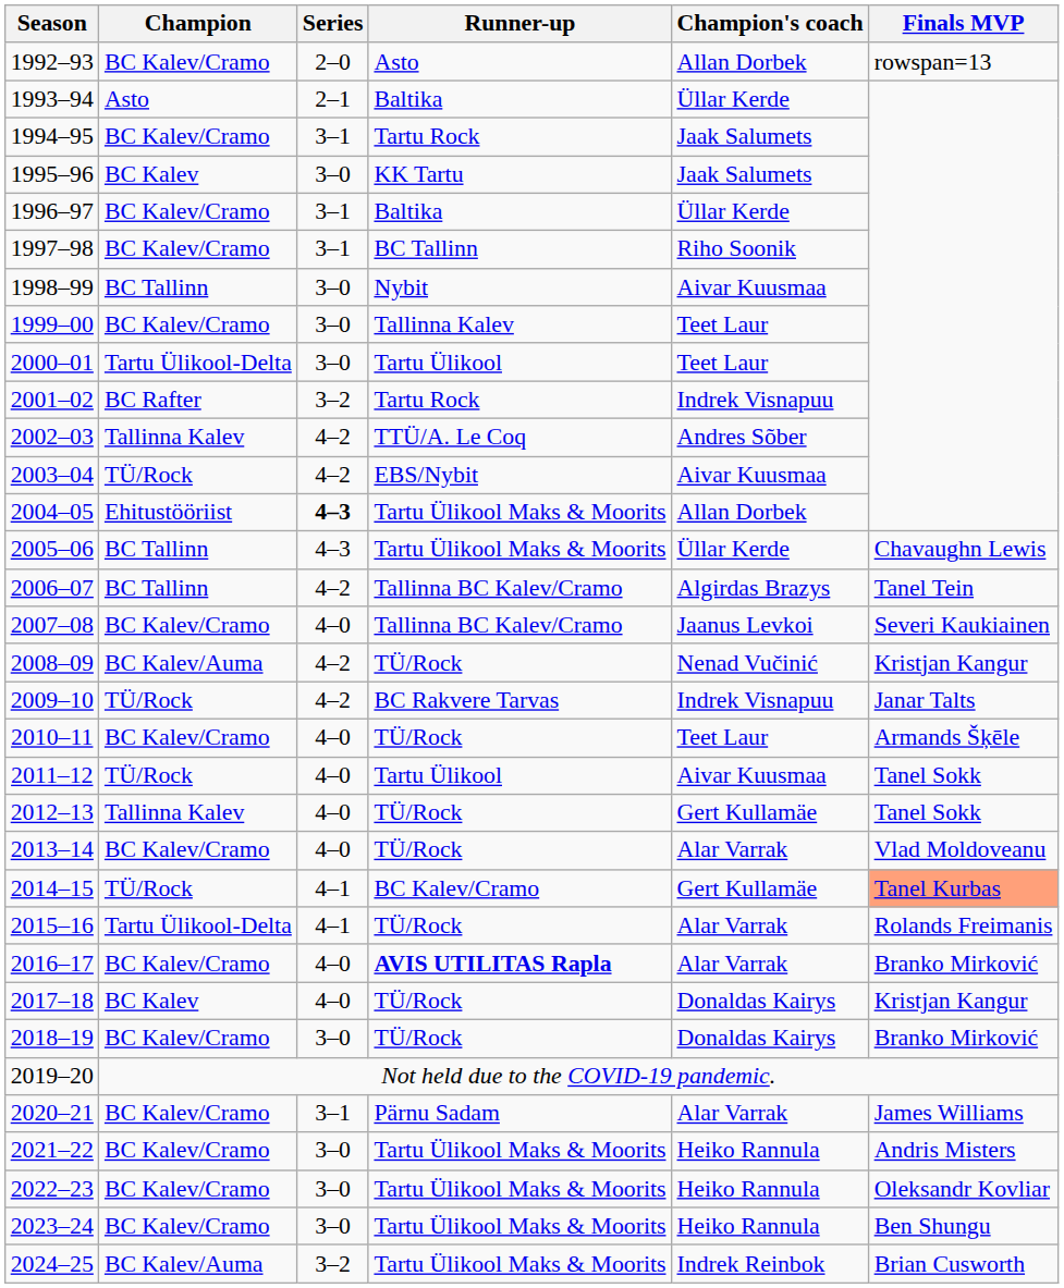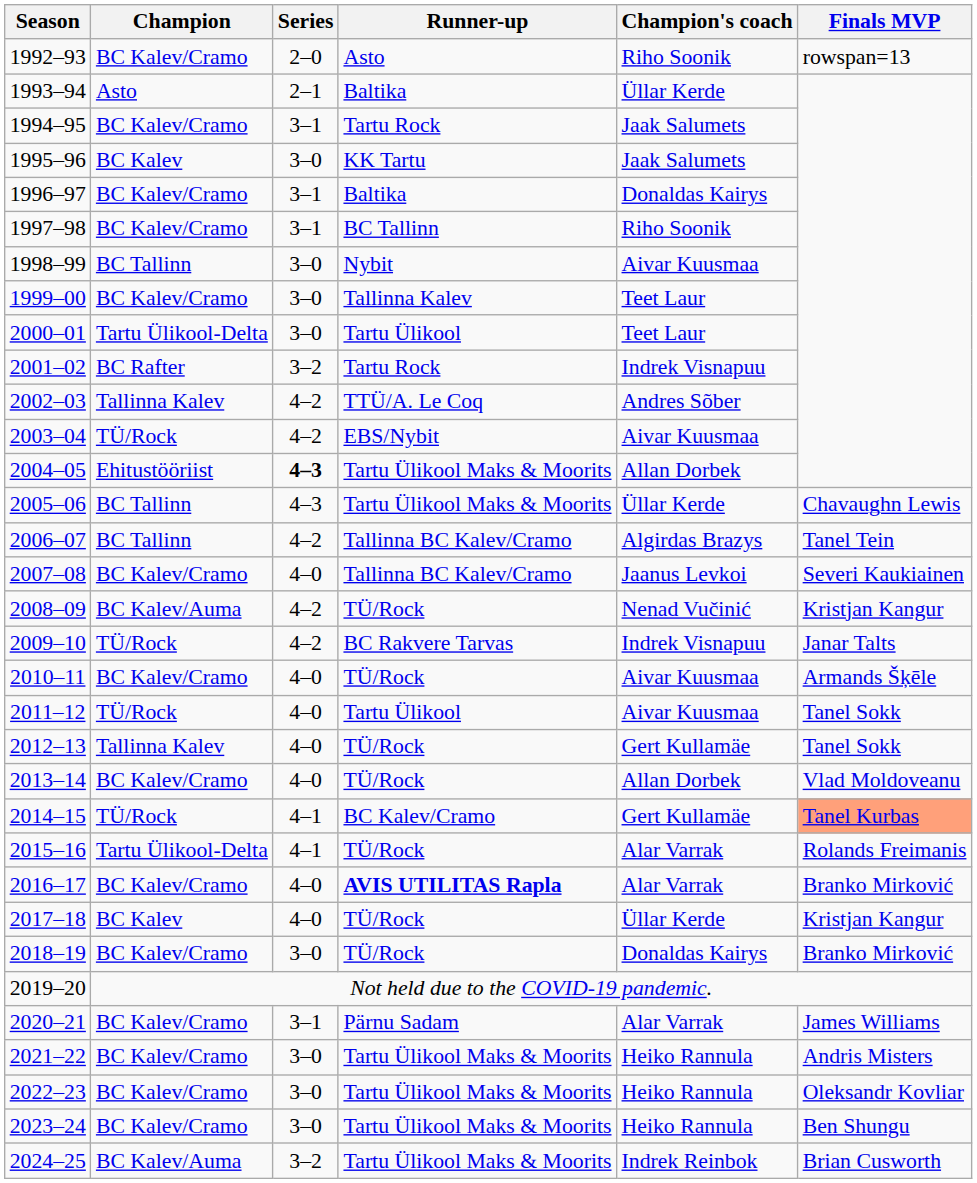 <table class="wikitable">
 <tr>
 <th>Season</th>
 <th>Champion</th>
 <th>Series</th>
 <th>Runner-up</th>
 <th>Champion's coach</th>
 <th><a href='#'>Finals MVP</a></th>
 </tr>
 <tr>
 <td style="text-align:center">1992–93</td>
 <td><a href='#'>BC Kalev/Cramo</a></td>
 <td style="text-align:center">2–0</td>
 <td><a href='#'>Asto</a></td>
-<td> <a href='#'>Allan Dorbek</a></td>
+<td> <a href='#'>Riho Soonik</a></td>
 <td>rowspan=13 </td>
 </tr>
 <tr>
 <td style="text-align:center">1993–94</td>
 <td><a href='#'>Asto</a></td>
 <td style="text-align:center">2–1</td>
 <td><a href='#'>Baltika</a></td>
 <td> <a href='#'>Üllar Kerde</a></td>
 </tr>
 <tr>
 <td style="text-align:center">1994–95</td>
 <td><a href='#'>BC Kalev/Cramo</a></td>
 <td style="text-align:center">3–1</td>
 <td><a href='#'>Tartu Rock</a></td>
 <td> <a href='#'>Jaak Salumets</a></td>
 </tr>
 <tr>
 <td style="text-align:center">1995–96</td>
 <td><a href='#'>BC Kalev</a></td>
 <td style="text-align:center">3–0</td>
 <td><a href='#'>KK Tartu</a></td>
 <td> <a href='#'>Jaak Salumets</a></td>
 </tr>
 <tr>
 <td style="text-align:center">1996–97</td>
 <td><a href='#'>BC Kalev/Cramo</a></td>
 <td style="text-align:center">3–1</td>
 <td><a href='#'>Baltika</a></td>
-<td> <a href='#'>Üllar Kerde</a></td>
+<td> <a href='#'>Donaldas Kairys</a></td>
 </tr>
 <tr>
 <td style="text-align:center">1997–98</td>
 <td><a href='#'>BC Kalev/Cramo</a></td>
 <td style="text-align:center">3–1</td>
 <td><a href='#'>BC Tallinn</a></td>
 <td> <a href='#'>Riho Soonik</a></td>
 </tr>
 <tr>
 <td style="text-align:center">1998–99</td>
 <td><a href='#'>BC Tallinn</a></td>
 <td style="text-align:center">3–0</td>
 <td><a href='#'>Nybit</a></td>
 <td> <a href='#'>Aivar Kuusmaa</a></td>
 </tr>
 <tr>
 <td style="text-align:center"><a href='#'>1999–00</a></td>
 <td><a href='#'>BC Kalev/Cramo</a></td>
 <td style="text-align:center">3–0</td>
 <td><a href='#'>Tallinna Kalev</a></td>
 <td> <a href='#'>Teet Laur</a></td>
 </tr>
 <tr>
 <td style="text-align:center"><a href='#'>2000–01</a></td>
 <td><a href='#'>Tartu Ülikool-Delta</a></td>
 <td style="text-align:center">3–0</td>
 <td><a href='#'>Tartu Ülikool</a></td>
 <td> <a href='#'>Teet Laur</a></td>
 </tr>
 <tr>
 <td style="text-align:center"><a href='#'>2001–02</a></td>
 <td><a href='#'>BC Rafter</a></td>
 <td style="text-align:center">3–2</td>
 <td><a href='#'>Tartu Rock</a></td>
 <td> <a href='#'>Indrek Visnapuu</a></td>
 </tr>
 <tr>
 <td style="text-align:center"><a href='#'>2002–03</a></td>
 <td><a href='#'>Tallinna Kalev</a></td>
 <td style="text-align:center">4–2</td>
 <td><a href='#'>TTÜ/A. Le Coq</a></td>
 <td> <a href='#'>Andres Sõber</a></td>
 </tr>
 <tr>
 <td style="text-align:center"><a href='#'>2003–04</a></td>
 <td><a href='#'>TÜ/Rock</a></td>
 <td style="text-align:center">4–2</td>
 <td><a href='#'>EBS/Nybit</a></td>
 <td> <a href='#'>Aivar Kuusmaa</a></td>
 </tr>
 <tr>
 <td style="text-align:center"><a href='#'>2004–05</a></td>
 <td><a href='#'>Ehitustööriist</a></td>
 <td style="text-align:center"><strong>4–3</strong></td>
 <td><a href='#'>Tartu Ülikool Maks & Moorits</a></td>
 <td> <a href='#'>Allan Dorbek</a></td>
 </tr>
 <tr>
 <td style="text-align:center"><a href='#'>2005–06</a></td>
 <td><a href='#'>BC Tallinn</a></td>
 <td style="text-align:center">4–3</td>
 <td><a href='#'>Tartu Ülikool Maks & Moorits</a></td>
 <td> <a href='#'>Üllar Kerde</a></td>
 <td> <a href='#'>Chavaughn Lewis</a></td>
 </tr>
 <tr>
 <td style="text-align:center"><a href='#'>2006–07</a></td>
 <td><a href='#'>BC Tallinn</a></td>
 <td style="text-align:center">4–2</td>
 <td><a href='#'>Tallinna BC Kalev/Cramo</a></td>
 <td> <a href='#'>Algirdas Brazys</a></td>
 <td> <a href='#'>Tanel Tein</a></td>
 </tr>
 <tr>
 <td style="text-align:center"><a href='#'>2007–08</a></td>
 <td><a href='#'>BC Kalev/Cramo</a></td>
 <td style="text-align:center">4–0</td>
 <td><a href='#'>Tallinna BC Kalev/Cramo</a></td>
 <td> <a href='#'>Jaanus Levkoi</a></td>
 <td> <a href='#'>Severi Kaukiainen</a></td>
 </tr>
 <tr>
 <td style="text-align:center"><a href='#'>2008–09</a></td>
 <td><a href='#'>BC Kalev/Auma</a></td>
 <td style="text-align:center">4–2</td>
 <td><a href='#'>TÜ/Rock</a></td>
 <td> <a href='#'>Nenad Vučinić</a></td>
 <td> <a href='#'>Kristjan Kangur</a></td>
 </tr>
 <tr>
 <td style="text-align:center"><a href='#'>2009–10</a></td>
 <td><a href='#'>TÜ/Rock</a></td>
 <td style="text-align:center">4–2</td>
 <td><a href='#'>BC Rakvere Tarvas</a></td>
 <td> <a href='#'>Indrek Visnapuu</a></td>
 <td> <a href='#'>Janar Talts</a></td>
 </tr>
 <tr>
 <td style="text-align:center"><a href='#'>2010–11</a></td>
 <td><a href='#'>BC Kalev/Cramo</a></td>
 <td style="text-align:center">4–0</td>
 <td><a href='#'>TÜ/Rock</a></td>
-<td> <a href='#'>Teet Laur</a></td>
+<td> <a href='#'>Aivar Kuusmaa</a></td>
 <td> <a href='#'>Armands Šķēle</a></td>
 </tr>
 <tr>
 <td style="text-align:center"><a href='#'>2011–12</a></td>
 <td><a href='#'>TÜ/Rock</a></td>
 <td style="text-align:center">4–0</td>
 <td><a href='#'>Tartu Ülikool</a></td>
 <td> <a href='#'>Aivar Kuusmaa</a></td>
 <td> <a href='#'>Tanel Sokk</a></td>
 </tr>
 <tr>
 <td style="text-align:center"><a href='#'>2012–13</a></td>
 <td><a href='#'>Tallinna Kalev</a></td>
 <td style="text-align:center">4–0</td>
 <td><a href='#'>TÜ/Rock</a></td>
 <td> <a href='#'>Gert Kullamäe</a></td>
 <td> <a href='#'>Tanel Sokk</a></td>
 </tr>
 <tr>
 <td style="text-align:center"><a href='#'>2013–14</a></td>
 <td><a href='#'>BC Kalev/Cramo</a></td>
 <td style="text-align:center">4–0</td>
 <td><a href='#'>TÜ/Rock</a></td>
-<td> <a href='#'>Alar Varrak</a></td>
+<td> <a href='#'>Allan Dorbek</a></td>
 <td> <a href='#'>Vlad Moldoveanu</a></td>
 </tr>
 <tr>
 <td style="text-align:center"><a href='#'>2014–15</a></td>
 <td><a href='#'>TÜ/Rock</a></td>
 <td style="text-align:center">4–1</td>
 <td><a href='#'>BC Kalev/Cramo</a></td>
 <td> <a href='#'>Gert Kullamäe</a></td>
 <td style="background: lightsalmon;"> <a href='#'>Tanel Kurbas</a></td>
 </tr>
 <tr>
 <td style="text-align:center"><a href='#'>2015–16</a></td>
 <td><a href='#'>Tartu Ülikool-Delta</a></td>
 <td style="text-align:center">4–1</td>
 <td><a href='#'>TÜ/Rock</a></td>
 <td> <a href='#'>Alar Varrak</a></td>
 <td> <a href='#'>Rolands Freimanis</a></td>
 </tr>
 <tr>
 <td style="text-align:center"><a href='#'>2016–17</a></td>
 <td><a href='#'>BC Kalev/Cramo</a></td>
 <td style="text-align:center">4–0</td>
 <td><strong><a href='#'>AVIS UTILITAS Rapla</a></strong></td>
 <td> <a href='#'>Alar Varrak</a></td>
 <td> <a href='#'>Branko Mirković</a></td>
 </tr>
 <tr>
 <td style="text-align:center"><a href='#'>2017–18</a></td>
 <td><a href='#'>BC Kalev</a></td>
 <td style="text-align:center">4–0</td>
 <td><a href='#'>TÜ/Rock</a></td>
-<td> <a href='#'>Donaldas Kairys</a></td>
+<td> <a href='#'>Üllar Kerde</a></td>
 <td> <a href='#'>Kristjan Kangur</a></td>
 </tr>
 <tr>
 <td style="text-align:center"><a href='#'>2018–19</a></td>
 <td><a href='#'>BC Kalev/Cramo</a></td>
 <td style="text-align:center">3–0</td>
 <td><a href='#'>TÜ/Rock</a></td>
 <td> <a href='#'>Donaldas Kairys</a></td>
 <td> <a href='#'>Branko Mirković</a></td>
 </tr>
 <tr>
 <td style="text-align:center">2019–20</td>
 <td colspan="5" style="text-align:center;"><em>Not held due to the <a href='#'>COVID-19 pandemic</a>.</em></td>
 </tr>
 <tr>
 <td style="text-align:center"><a href='#'>2020–21</a></td>
 <td><a href='#'>BC Kalev/Cramo</a></td>
 <td style="text-align:center">3–1</td>
 <td><a href='#'>Pärnu Sadam</a></td>
 <td> <a href='#'>Alar Varrak</a></td>
 <td> <a href='#'>James Williams</a></td>
 </tr>
 <tr>
 <td style="text-align:center"><a href='#'>2021–22</a></td>
 <td><a href='#'>BC Kalev/Cramo</a></td>
 <td style="text-align:center">3–0</td>
 <td><a href='#'>Tartu Ülikool Maks & Moorits</a></td>
 <td> <a href='#'>Heiko Rannula</a></td>
 <td> <a href='#'>Andris Misters</a></td>
 </tr>
 <tr>
 <td style="text-align:center"><a href='#'>2022–23</a></td>
 <td><a href='#'>BC Kalev/Cramo</a></td>
 <td style="text-align:center">3–0</td>
 <td><a href='#'>Tartu Ülikool Maks & Moorits</a></td>
 <td> <a href='#'>Heiko Rannula</a></td>
 <td> <a href='#'>Oleksandr Kovliar</a></td>
 </tr>
 <tr>
 <td style="text-align:center"><a href='#'>2023–24</a></td>
 <td><a href='#'>BC Kalev/Cramo</a></td>
 <td style="text-align:center">3–0</td>
 <td><a href='#'>Tartu Ülikool Maks & Moorits</a></td>
 <td> <a href='#'>Heiko Rannula</a></td>
 <td> <a href='#'>Ben Shungu</a></td>
 </tr>
 <tr>
 <td style="text-align:center"><a href='#'>2024–25</a></td>
 <td><a href='#'>BC Kalev/Auma</a></td>
 <td style="text-align:center">3–2</td>
 <td><a href='#'>Tartu Ülikool Maks & Moorits</a></td>
 <td> <a href='#'>Indrek Reinbok</a></td>
 <td> <a href='#'>Brian Cusworth</a></td>
 </tr>
 </table>
